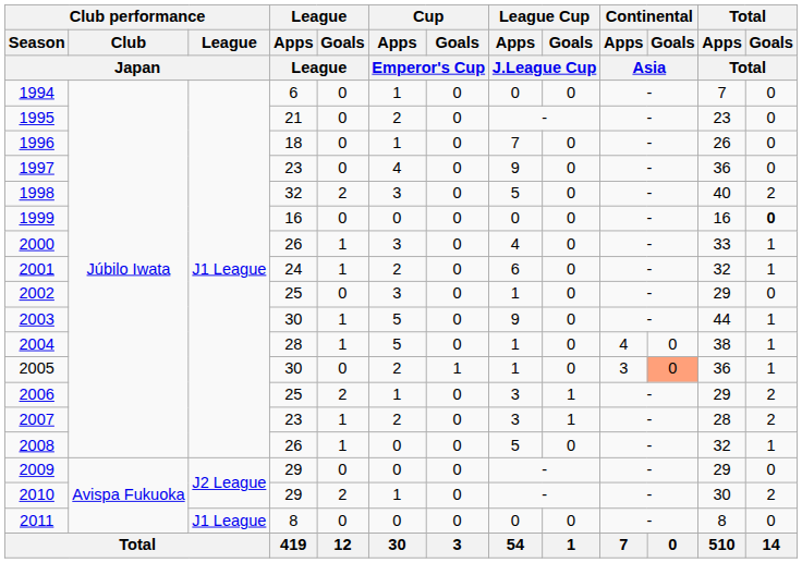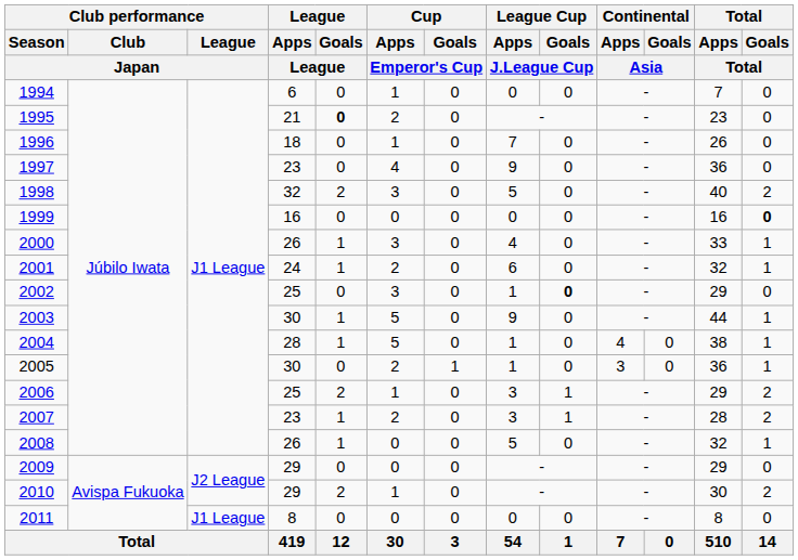 <table class="wikitable" style="text-align:center;">
 <tr>
 <th colspan=3>Club performance</th>
 <th colspan=2>League</th>
 <th colspan=2>Cup</th>
 <th colspan=2>League Cup</th>
 <th colspan=2>Continental</th>
 <th colspan=2>Total</th>
 </tr>
 <tr>
 <th>Season</th>
 <th>Club</th>
 <th>League</th>
 <th>Apps</th>
 <th>Goals</th>
 <th>Apps</th>
 <th>Goals</th>
 <th>Apps</th>
 <th>Goals</th>
 <th>Apps</th>
 <th>Goals</th>
 <th>Apps</th>
 <th>Goals</th>
 </tr>
 <tr>
 <th colspan=3>Japan</th>
 <th colspan=2>League</th>
 <th colspan=2><a href='#'>Emperor's Cup</a></th>
 <th colspan=2><a href='#'>J.League Cup</a></th>
 <th colspan=2><a href='#'>Asia</a></th>
 <th colspan=2>Total</th>
 </tr>
 <tr>
 <td><a href='#'>1994</a></td>
 <td rowspan="15"><a href='#'>Júbilo Iwata</a></td>
 <td rowspan="15"><a href='#'>J1 League</a></td>
 <td>6</td>
 <td>0</td>
 <td>1</td>
 <td>0</td>
 <td>0</td>
 <td>0</td>
 <td colspan="2">-</td>
 <td>7</td>
 <td>0</td>
 </tr>
 <tr>
 <td><a href='#'>1995</a></td>
 <td>21</td>
-<td>0</td>
+<td><strong>0</strong></td>
 <td>2</td>
 <td>0</td>
 <td colspan="2">-</td>
 <td colspan="2">-</td>
 <td>23</td>
 <td>0</td>
 </tr>
 <tr>
 <td><a href='#'>1996</a></td>
 <td>18</td>
 <td>0</td>
 <td>1</td>
 <td>0</td>
 <td>7</td>
 <td>0</td>
 <td colspan="2">-</td>
 <td>26</td>
 <td>0</td>
 </tr>
 <tr>
 <td><a href='#'>1997</a></td>
 <td>23</td>
 <td>0</td>
 <td>4</td>
 <td>0</td>
 <td>9</td>
 <td>0</td>
 <td colspan="2">-</td>
 <td>36</td>
 <td>0</td>
 </tr>
 <tr>
 <td><a href='#'>1998</a></td>
 <td>32</td>
 <td>2</td>
 <td>3</td>
 <td>0</td>
 <td>5</td>
 <td>0</td>
 <td colspan="2">-</td>
 <td>40</td>
 <td>2</td>
 </tr>
 <tr>
 <td><a href='#'>1999</a></td>
 <td>16</td>
 <td>0</td>
 <td>0</td>
 <td>0</td>
 <td>0</td>
 <td>0</td>
 <td colspan="2">-</td>
 <td>16</td>
 <td><strong>0</strong></td>
 </tr>
 <tr>
 <td><a href='#'>2000</a></td>
 <td>26</td>
 <td>1</td>
 <td>3</td>
 <td>0</td>
 <td>4</td>
 <td>0</td>
 <td colspan="2">-</td>
 <td>33</td>
 <td>1</td>
 </tr>
 <tr>
 <td><a href='#'>2001</a></td>
 <td>24</td>
 <td>1</td>
 <td>2</td>
 <td>0</td>
 <td>6</td>
 <td>0</td>
 <td colspan="2">-</td>
 <td>32</td>
 <td>1</td>
 </tr>
 <tr>
 <td><a href='#'>2002</a></td>
 <td>25</td>
 <td>0</td>
 <td>3</td>
 <td>0</td>
 <td>1</td>
-<td>0</td>
+<td><strong>0</strong></td>
 <td colspan="2">-</td>
 <td>29</td>
 <td>0</td>
 </tr>
 <tr>
 <td><a href='#'>2003</a></td>
 <td>30</td>
 <td>1</td>
 <td>5</td>
 <td>0</td>
 <td>9</td>
 <td>0</td>
 <td colspan="2">-</td>
 <td>44</td>
 <td>1</td>
 </tr>
 <tr>
 <td><a href='#'>2004</a></td>
 <td>28</td>
 <td>1</td>
 <td>5</td>
 <td>0</td>
 <td>1</td>
 <td>0</td>
 <td>4</td>
 <td>0</td>
 <td>38</td>
 <td>1</td>
 </tr>
 <tr>
 <td>2005</td>
 <td>30</td>
 <td>0</td>
 <td>2</td>
 <td>1</td>
 <td>1</td>
 <td>0</td>
 <td>3</td>
-<td style="background: lightsalmon;">0</td>
+<td>0</td>
 <td>36</td>
 <td>1</td>
 </tr>
 <tr>
 <td><a href='#'>2006</a></td>
 <td>25</td>
 <td>2</td>
 <td>1</td>
 <td>0</td>
 <td>3</td>
 <td>1</td>
 <td colspan="2">-</td>
 <td>29</td>
 <td>2</td>
 </tr>
 <tr>
 <td><a href='#'>2007</a></td>
 <td>23</td>
 <td>1</td>
 <td>2</td>
 <td>0</td>
 <td>3</td>
 <td>1</td>
 <td colspan="2">-</td>
 <td>28</td>
 <td>2</td>
 </tr>
 <tr>
 <td><a href='#'>2008</a></td>
 <td>26</td>
 <td>1</td>
 <td>0</td>
 <td>0</td>
 <td>5</td>
 <td>0</td>
 <td colspan="2">-</td>
 <td>32</td>
 <td>1</td>
 </tr>
 <tr>
 <td><a href='#'>2009</a></td>
 <td rowspan="3"><a href='#'>Avispa Fukuoka</a></td>
 <td rowspan="2"><a href='#'>J2 League</a></td>
 <td>29</td>
 <td>0</td>
 <td>0</td>
 <td>0</td>
 <td colspan="2">-</td>
 <td colspan="2">-</td>
 <td>29</td>
 <td>0</td>
 </tr>
 <tr>
 <td><a href='#'>2010</a></td>
 <td>29</td>
 <td>2</td>
 <td>1</td>
 <td>0</td>
 <td colspan="2">-</td>
 <td colspan="2">-</td>
 <td>30</td>
 <td>2</td>
 </tr>
 <tr>
 <td><a href='#'>2011</a></td>
 <td><a href='#'>J1 League</a></td>
 <td>8</td>
 <td>0</td>
 <td>0</td>
 <td>0</td>
 <td>0</td>
 <td>0</td>
 <td colspan="2">-</td>
 <td>8</td>
 <td>0</td>
 </tr>
 <tr>
 <th colspan=3>Total</th>
 <th>419</th>
 <th>12</th>
 <th>30</th>
 <th>3</th>
 <th>54</th>
 <th>1</th>
 <th>7</th>
 <th>0</th>
 <th>510</th>
 <th>14</th>
 </tr>
 </table>
